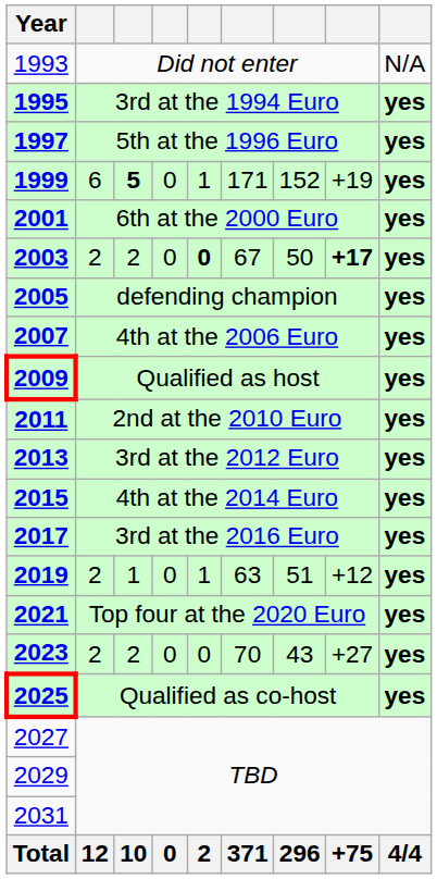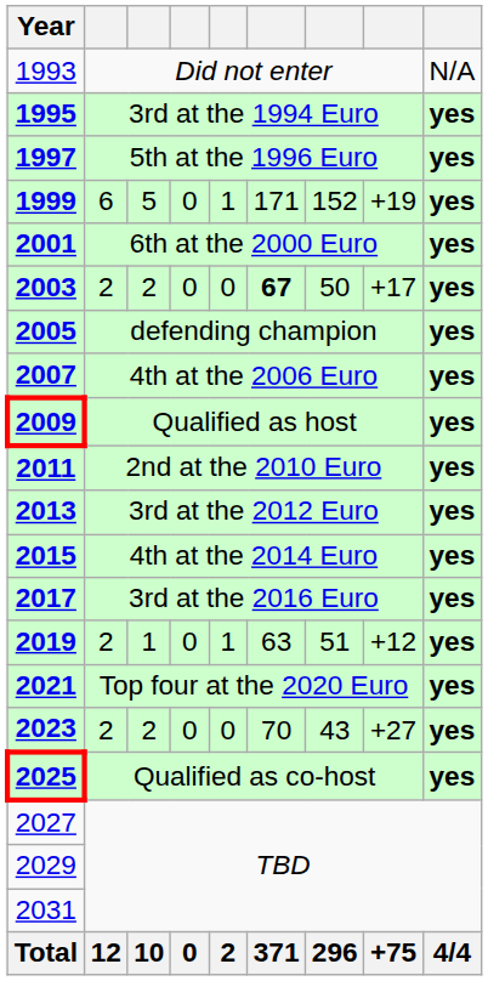 <table class="wikitable" style="text-align: center;">
 <tr>
 <th>Year</th>
 <th width="15"></th>
 <th width="15"></th>
 <th width="15"></th>
 <th width="15"></th>
 <th></th>
 <th></th>
 <th></th>
 <th></th>
 </tr>
 <tr>
 <td> <a href='#'>1993</a></td>
 <td colspan="7"><em>Did not enter</em></td>
 <td>N/A</td>
 </tr>
 <tr style="background:#ccffcc;">
 <td> <strong><a href='#'>1995</a></strong></td>
 <td colspan="7">3rd at the <a href='#'>1994 Euro</a></td>
 <td><strong>yes</strong></td>
 </tr>
 <tr style="background:#ccffcc;">
 <td> <strong><a href='#'>1997</a></strong></td>
 <td colspan="7">5th at the <a href='#'>1996 Euro</a></td>
 <td><strong>yes</strong></td>
 </tr>
 <tr style="background:#ccffcc;">
 <td> <strong><a href='#'>1999</a></strong></td>
 <td>6</td>
-<td><strong>5</strong></td>
+<td>5</td>
 <td>0</td>
 <td>1</td>
 <td>171</td>
 <td>152</td>
 <td>+19</td>
 <td><strong>yes</strong></td>
 </tr>
 <tr style="background:#ccffcc;">
 <td> <strong><a href='#'>2001</a></strong></td>
 <td colspan="7">6th at the <a href='#'>2000 Euro</a></td>
 <td><strong>yes</strong></td>
 </tr>
 <tr style="background:#ccffcc;">
 <td> <strong><a href='#'>2003</a></strong></td>
 <td>2</td>
 <td>2</td>
 <td>0</td>
-<td><strong>0</strong></td>
-<td>67</td>
+<td>0</td>
+<td><strong>67</strong></td>
 <td>50</td>
-<td><strong>+17</strong></td>
+<td>+17</td>
 <td><strong>yes</strong></td>
 </tr>
 <tr style="background:#ccffcc;">
 <td> <strong><a href='#'>2005</a></strong></td>
 <td colspan="7">defending champion</td>
 <td><strong>yes</strong></td>
 </tr>
 <tr style="background:#ccffcc;">
 <td> <strong><a href='#'>2007</a></strong></td>
 <td colspan="7">4th at the <a href='#'>2006 Euro</a></td>
 <td><strong>yes</strong></td>
 </tr>
 <tr style="background:#ccffcc;">
 <td style="border: 3px solid red"> <strong><a href='#'>2009</a></strong></td>
 <td colspan="7">Qualified as host</td>
 <td><strong>yes</strong></td>
 </tr>
 <tr style="background:#ccffcc;">
 <td> <strong><a href='#'>2011</a></strong></td>
 <td colspan="7">2nd at the <a href='#'>2010 Euro</a></td>
 <td><strong>yes</strong></td>
 </tr>
 <tr style="background:#ccffcc;">
 <td> <strong><a href='#'>2013</a></strong></td>
 <td colspan="7">3rd at the <a href='#'>2012 Euro</a></td>
 <td><strong>yes</strong></td>
 </tr>
 <tr style="background:#ccffcc;">
 <td> <strong><a href='#'>2015</a></strong></td>
 <td colspan="7">4th at the <a href='#'>2014 Euro</a></td>
 <td><strong>yes</strong></td>
 </tr>
 <tr style="background:#ccffcc;">
 <td> <strong><a href='#'>2017</a></strong></td>
 <td colspan="7">3rd at the <a href='#'>2016 Euro</a></td>
 <td><strong>yes</strong></td>
 </tr>
 <tr style="background:#ccffcc;">
 <td> <strong><a href='#'>2019</a></strong></td>
 <td>2</td>
 <td>1</td>
 <td>0</td>
 <td>1</td>
 <td>63</td>
 <td>51</td>
 <td>+12</td>
 <td><strong>yes</strong></td>
 </tr>
 <tr style="background:#ccffcc;">
 <td> <strong><a href='#'>2021</a></strong></td>
 <td colspan="7">Top four at the <a href='#'>2020 Euro</a></td>
 <td><strong>yes</strong></td>
 </tr>
 <tr style="background:#ccffcc;">
 <td> <strong><a href='#'>2023</a></strong></td>
 <td>2</td>
 <td>2</td>
 <td>0</td>
 <td>0</td>
 <td>70</td>
 <td>43</td>
 <td>+27</td>
 <td><strong>yes</strong></td>
 </tr>
 <tr style="background:#ccffcc;">
 <td style="border: 3px solid red"> <strong><a href='#'>2025</a></strong></td>
 <td colspan="7">Qualified as co-host</td>
 <td><strong>yes</strong></td>
 </tr>
 <tr>
 <td> <a href='#'>2027</a></td>
 <td colspan="8" rowspan="3"><em>TBD</em></td>
 </tr>
 <tr>
 <td> <a href='#'>2029</a></td>
 </tr>
 <tr>
 <td> <a href='#'>2031</a></td>
 </tr>
 <tr>
 <th>Total</th>
 <th>12</th>
 <th>10</th>
 <th>0</th>
 <th>2</th>
 <th>371</th>
 <th>296</th>
 <th>+75</th>
 <th>4/4</th>
 </tr>
 </table>
